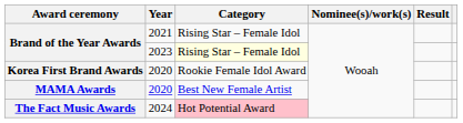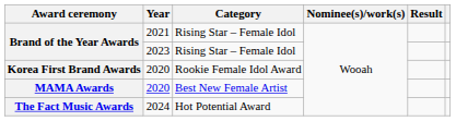 <table class="wikitable sortable plainrowheaders"">
 <tr>
 <th scope="col">Award ceremony</th>
 <th scope="col">Year</th>
 <th scope="col">Category</th>
 <th scope="col">Nominee(s)/work(s)</th>
 <th scope="col">Result</th>
 <th scope="col" class="unsortable"></th>
 </tr>
 <tr>
 <th scope="row" rowspan="2">Brand of the Year Awards</th>
 <td align="center">2021</td>
 <td>Rising Star – Female Idol</td>
 <td align="center" rowspan="5">Wooah</td>
 <td></td>
 <td align="center"></td>
 </tr>
 <tr>
 <td align="center">2023</td>
-<td style="background: lightyellow;">Rising Star – Female Idol</td>
+<td>Rising Star – Female Idol</td>
 <td></td>
 <td align="center"></td>
 </tr>
 <tr>
 <th scope="row">Korea First Brand Awards</th>
 <td align="center">2020</td>
 <td>Rookie Female Idol Award</td>
 <td></td>
 <td align="center"></td>
 </tr>
 <tr>
 <th scope="row"><a href='#'>MAMA Awards</a></th>
 <td align="center"><a href='#'>2020</a></td>
 <td><a href='#'>Best New Female Artist</a></td>
 <td></td>
 <td align="center"></td>
 </tr>
 <tr>
 <th scope="row"><a href='#'>The Fact Music Awards</a></th>
 <td align="center">2024</td>
-<td style="background: pink;">Hot Potential	Award</td>
+<td>Hot Potential	Award</td>
 <td></td>
 <td align="center"></td>
 </tr>
 </table>
